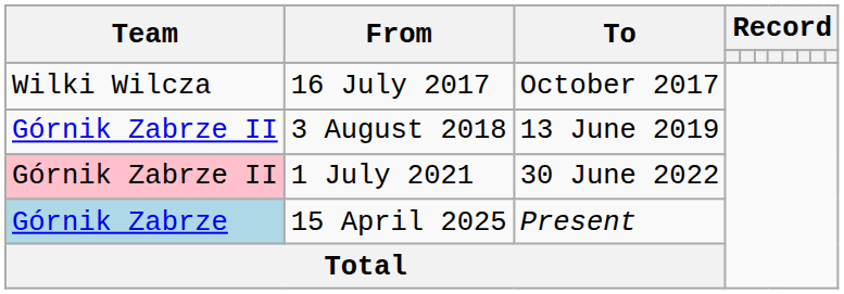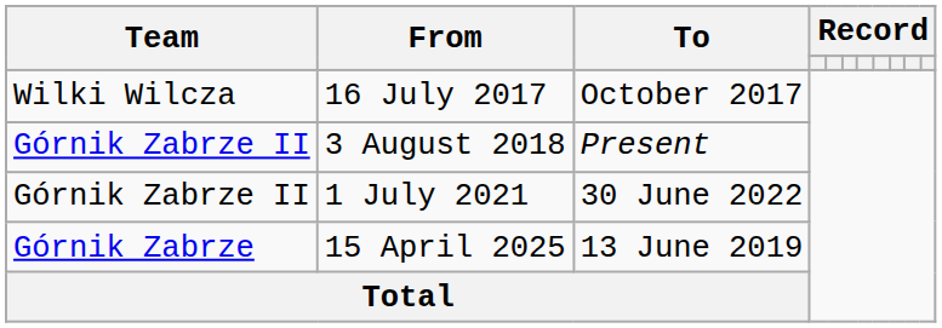 <table class="wikitable" style="text-align: center;">
 <tr>
 <th rowspan="2">Team</th>
 <th rowspan="2">From</th>
 <th rowspan="2">To</th>
 <th colspan="8">Record</th>
 </tr>
 <tr>
 <th></th>
 <th></th>
 <th></th>
 <th></th>
 <th></th>
 <th></th>
 <th></th>
 <th></th>
 </tr>
 <tr>
 <td align=left>Wilki Wilcza</td>
 <td align=left>16 July 2017</td>
 <td align=left> October 2017<br></td>
 </tr>
 <tr>
 <td align=left><a href='#'>Górnik Zabrze II</a></td>
 <td align=left>3 August 2018</td>
-<td align=left>13 June 2019<br></td>
+<td align=left><em>Present</em><br></td>
 </tr>
 <tr>
-<td align=left style="background: pink;">Górnik Zabrze II</td>
+<td align=left>Górnik Zabrze II</td>
 <td align=left>1 July 2021</td>
 <td align=left>30 June 2022<br></td>
 </tr>
 <tr>
-<td align=left style="background: lightblue;"><a href='#'>Górnik Zabrze</a></td>
+<td align=left><a href='#'>Górnik Zabrze</a></td>
 <td align=left>15 April 2025</td>
-<td align=left><em>Present</em><br></td>
+<td align=left>13 June 2019<br></td>
 </tr>
 <tr>
 <th colspan="3">Total<br></th>
 </tr>
 </table>
